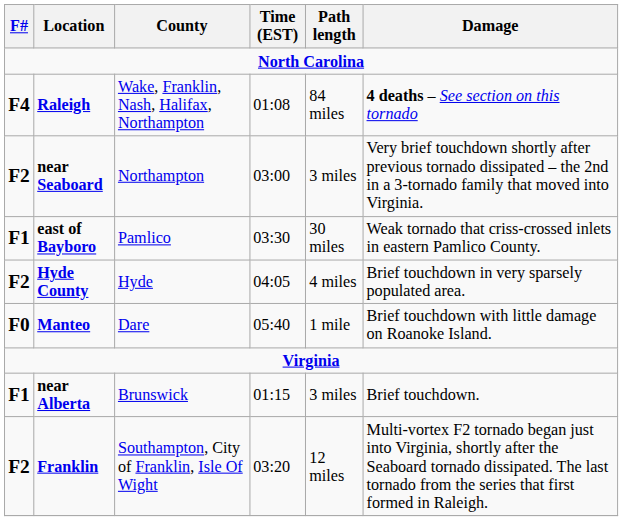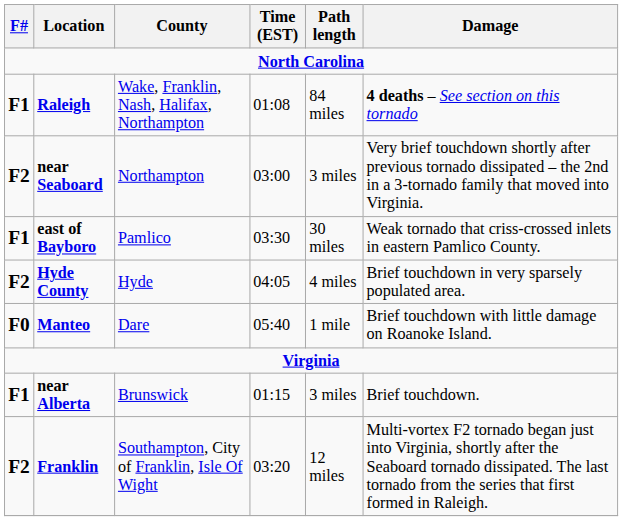 <table class="wikitable">
 <tr>
 <th><strong><a href='#'>F#</a></strong></th>
 <th><strong>Location</strong></th>
 <th><strong>County</strong></th>
 <th><strong>Time (EST)</strong></th>
 <th><strong>Path length</strong></th>
 <th><strong>Damage</strong></th>
 </tr>
 <tr>
 <td colspan="7" align=center><strong><a href='#'>North Carolina</a></strong></td>
 </tr>
 <tr>
-<td><big><strong>F4</strong></big></td>
+<td><big><strong>F1</strong></big></td>
 <td><strong><a href='#'>Raleigh</a> </strong></td>
 <td><a href='#'>Wake</a>, <a href='#'>Franklin</a>, <a href='#'>Nash</a>, <a href='#'>Halifax</a>, <a href='#'>Northampton</a></td>
 <td>01:08</td>
 <td>84 miles</td>
 <td><strong>4 deaths</strong> – <em><a href='#'>See section on this tornado</a></em></td>
 </tr>
 <tr>
 <td><big><strong>F2</strong></big></td>
 <td><strong>near <a href='#'>Seaboard</a></strong></td>
 <td><a href='#'>Northampton</a></td>
 <td>03:00</td>
 <td>3 miles</td>
 <td>Very brief touchdown shortly after previous tornado dissipated – the 2nd in a 3-tornado family that moved into Virginia.</td>
 </tr>
 <tr>
 <td><big><strong>F1</strong></big></td>
 <td><strong>east of <a href='#'>Bayboro</a></strong></td>
 <td><a href='#'>Pamlico</a></td>
 <td>03:30</td>
 <td>30 miles</td>
 <td>Weak tornado that criss-crossed inlets in eastern Pamlico County.</td>
 </tr>
 <tr>
 <td><big><strong>F2</strong></big></td>
 <td><strong><a href='#'>Hyde County</a></strong></td>
 <td><a href='#'>Hyde</a></td>
 <td>04:05</td>
 <td>4 miles</td>
 <td>Brief touchdown in very sparsely populated area.</td>
 </tr>
 <tr>
 <td><big><strong>F0</strong></big></td>
 <td><strong><a href='#'>Manteo</a></strong></td>
 <td><a href='#'>Dare</a></td>
 <td>05:40</td>
 <td>1 mile</td>
 <td>Brief touchdown with little damage on Roanoke Island.</td>
 </tr>
 <tr>
 <td colspan="7" align=center><strong><a href='#'>Virginia</a></strong></td>
 </tr>
 <tr>
 <td><big><strong>F1</strong></big></td>
 <td><strong>near <a href='#'>Alberta</a></strong></td>
 <td><a href='#'>Brunswick</a></td>
 <td>01:15</td>
 <td>3 miles</td>
 <td>Brief touchdown.</td>
 </tr>
 <tr>
 <td><big><strong>F2</strong></big></td>
 <td><strong><a href='#'>Franklin</a></strong></td>
 <td><a href='#'>Southampton</a>, City of <a href='#'>Franklin</a>, <a href='#'>Isle Of Wight</a></td>
 <td>03:20</td>
 <td>12 miles</td>
 <td>Multi-vortex F2 tornado began just into Virginia, shortly after the Seaboard tornado dissipated. The last tornado from the series that first formed in Raleigh.</td>
 </tr>
 <tr>
 </tr>
 </table>
